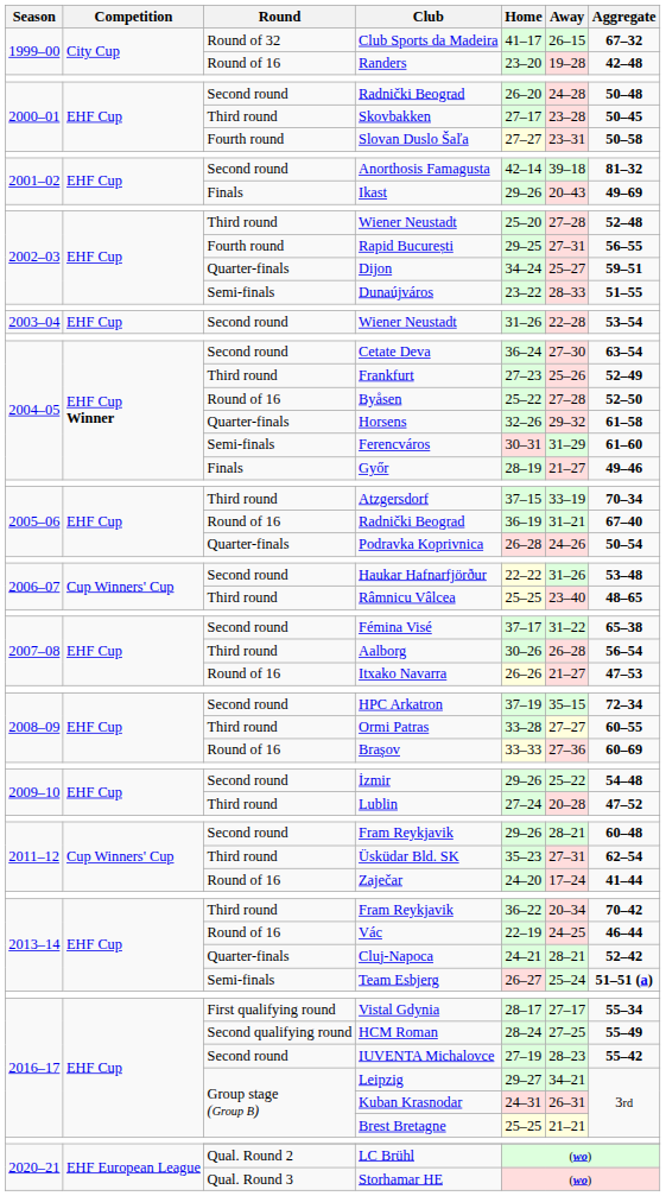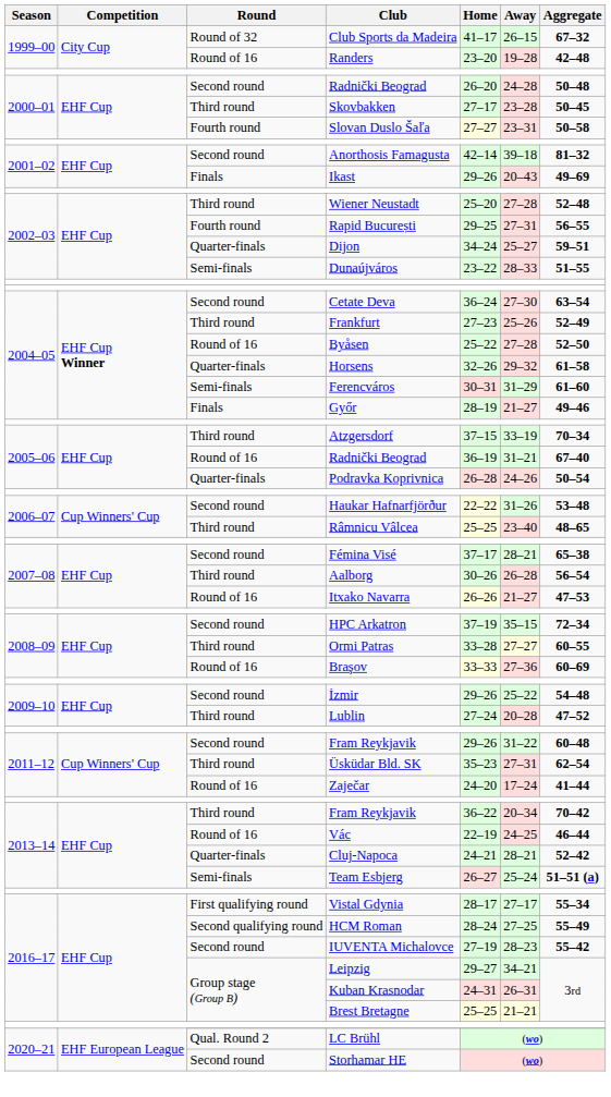 <table class="wikitable" style="text-align: left">
 <tr>
 <th>Season</th>
 <th>Competition</th>
 <th>Round</th>
 <th>Club</th>
 <th>Home</th>
 <th>Away</th>
 <th>Aggregate</th>
 </tr>
 <tr>
 <td rowspan=2><a href='#'>1999–00</a></td>
 <td rowspan=2><a href='#'>City Cup</a></td>
 <td>Round of 32</td>
 <td> <a href='#'>Club Sports da Madeira</a></td>
 <td style="text-align:center; background:#dfd;">41–17</td>
 <td style="text-align:center; background:#dfd;">26–15</td>
 <td style="text-align:center;"><strong>67–32</strong></td>
 </tr>
 <tr>
 <td>Round of 16</td>
 <td> <a href='#'>Randers</a></td>
 <td style="text-align:center; background:#dfd;">23–20</td>
 <td style="text-align:center; background:#fdd;">19–28</td>
 <td style="text-align:center;"><strong>42–48</strong></td>
 </tr>
 <tr>
 <td colspan=7 style="text-align: center;" bgcolor=white></td>
 </tr>
 <tr>
 <td rowspan=3><a href='#'>2000–01</a></td>
 <td rowspan=3><a href='#'>EHF Cup</a></td>
 <td>Second round</td>
 <td> <a href='#'>Radnički Beograd</a></td>
 <td style="text-align:center; background:#dfd;">26–20</td>
 <td style="text-align:center; background:#fdd;">24–28</td>
 <td style="text-align:center;"><strong>50–48</strong></td>
 </tr>
 <tr>
 <td>Third round</td>
 <td> <a href='#'>Skovbakken</a></td>
 <td style="text-align:center; background:#dfd;">27–17</td>
 <td style="text-align:center; background:#fdd;">23–28</td>
 <td style="text-align:center;"><strong>50–45</strong></td>
 </tr>
 <tr>
 <td>Fourth round</td>
 <td> <a href='#'>Slovan Duslo Šaľa</a></td>
 <td style="text-align:center; background:#ffd;">27–27</td>
 <td style="text-align:center; background:#fdd;">23–31</td>
 <td style="text-align:center;"><strong>50–58</strong></td>
 </tr>
 <tr>
 <td colspan=7 style="text-align: center;" bgcolor=white></td>
 </tr>
 <tr>
 <td rowspan=2><a href='#'>2001–02</a></td>
 <td rowspan=2><a href='#'>EHF Cup</a></td>
 <td>Second round</td>
 <td> <a href='#'>Anorthosis Famagusta</a></td>
 <td style="text-align:center; background:#dfd;">42–14</td>
 <td style="text-align:center; background:#dfd;">39–18</td>
 <td style="text-align:center;"><strong>81–32</strong></td>
 </tr>
 <tr>
 <td>Finals</td>
 <td> <a href='#'>Ikast</a></td>
 <td style="text-align:center; background:#dfd;">29–26</td>
 <td style="text-align:center; background:#fdd;">20–43</td>
 <td style="text-align:center;"><strong>49–69</strong></td>
 </tr>
 <tr>
 <td colspan=7 style="text-align: center;" bgcolor=white></td>
 </tr>
 <tr>
 <td rowspan=4><a href='#'>2002–03</a></td>
 <td rowspan=4><a href='#'>EHF Cup</a></td>
 <td>Third round</td>
 <td> <a href='#'>Wiener Neustadt</a></td>
 <td style="text-align:center; background:#dfd;">25–20</td>
 <td style="text-align:center; background:#fdd;">27–28</td>
 <td style="text-align:center;"><strong>52–48</strong></td>
 </tr>
 <tr>
 <td>Fourth round</td>
 <td> <a href='#'>Rapid București</a></td>
 <td style="text-align:center; background:#dfd;">29–25</td>
 <td style="text-align:center; background:#fdd;">27–31</td>
 <td style="text-align:center;"><strong>56–55</strong></td>
 </tr>
 <tr>
 <td>Quarter-finals</td>
 <td> <a href='#'>Dijon</a></td>
 <td style="text-align:center; background:#dfd;">34–24</td>
 <td style="text-align:center; background:#fdd;">25–27</td>
 <td style="text-align:center;"><strong>59–51</strong></td>
 </tr>
 <tr>
 <td>Semi-finals</td>
 <td> <a href='#'>Dunaújváros</a></td>
 <td style="text-align:center; background:#dfd;">23–22</td>
 <td style="text-align:center; background:#fdd;">28–33</td>
 <td style="text-align:center;"><strong>51–55</strong></td>
 </tr>
 <tr>
 <td colspan=7 style="text-align: center;" bgcolor=white></td>
 </tr>
 <tr>
-<td rowspan=1><a href='#'>2003–04</a></td>
-<td rowspan=1><a href='#'>EHF Cup</a></td>
-<td>Second round</td>
-<td> <a href='#'>Wiener Neustadt</a></td>
-<td style="text-align:center; background:#dfd;">31–26</td>
-<td style="text-align:center; background:#fdd;">22–28</td>
-<td style="text-align:center;"><strong>53–54</strong></td>
-</tr>
-<tr>
 <td colspan=7 style="text-align: center;" bgcolor=white></td>
 </tr>
 <tr>
 <td rowspan=6><a href='#'>2004–05</a></td>
 <td rowspan=6><a href='#'>EHF Cup</a><br> <strong>Winner</strong></td>
 <td>Second round</td>
 <td> <a href='#'>Cetate Deva</a></td>
 <td style="text-align:center; background:#dfd;">36–24</td>
 <td style="text-align:center; background:#fdd;">27–30</td>
 <td style="text-align:center;"><strong>63–54</strong></td>
 </tr>
 <tr>
 <td>Third round</td>
 <td> <a href='#'>Frankfurt</a></td>
 <td style="text-align:center; background:#dfd;">27–23</td>
 <td style="text-align:center; background:#fdd;">25–26</td>
 <td style="text-align:center;"><strong>52–49</strong></td>
 </tr>
 <tr>
 <td>Round of 16</td>
 <td> <a href='#'>Byåsen</a></td>
 <td style="text-align:center; background:#dfd;">25–22</td>
 <td style="text-align:center; background:#fdd;">27–28</td>
 <td style="text-align:center;"><strong>52–50</strong></td>
 </tr>
 <tr>
 <td>Quarter-finals</td>
 <td> <a href='#'>Horsens</a></td>
 <td style="text-align:center; background:#dfd;">32–26</td>
 <td style="text-align:center; background:#fdd;">29–32</td>
 <td style="text-align:center;"><strong>61–58</strong></td>
 </tr>
 <tr>
 <td>Semi-finals</td>
 <td> <a href='#'>Ferencváros</a></td>
 <td style="text-align:center; background:#fdd;">30–31</td>
 <td style="text-align:center; background:#dfd;">31–29</td>
 <td style="text-align:center;"><strong>61–60</strong></td>
 </tr>
 <tr>
 <td>Finals</td>
 <td> <a href='#'>Győr</a></td>
 <td style="text-align:center; background:#dfd;">28–19</td>
 <td style="text-align:center; background:#fdd;">21–27</td>
 <td style="text-align:center;"><strong>49–46</strong></td>
 </tr>
 <tr>
 <td colspan=7 style="text-align: center;" bgcolor=white></td>
 </tr>
 <tr>
 <td rowspan=3><a href='#'>2005–06</a></td>
 <td rowspan=3><a href='#'>EHF Cup</a></td>
 <td>Third round</td>
 <td> <a href='#'>Atzgersdorf</a></td>
 <td style="text-align:center; background:#dfd;">37–15</td>
 <td style="text-align:center; background:#dfd;">33–19</td>
 <td style="text-align:center;"><strong>70–34</strong></td>
 </tr>
 <tr>
 <td>Round of 16</td>
 <td> <a href='#'>Radnički Beograd</a></td>
 <td style="text-align:center; background:#dfd;">36–19</td>
 <td style="text-align:center; background:#dfd;">31–21</td>
 <td style="text-align:center;"><strong>67–40</strong></td>
 </tr>
 <tr>
 <td>Quarter-finals</td>
 <td> <a href='#'>Podravka Koprivnica</a></td>
 <td style="text-align:center; background:#fdd;">26–28</td>
 <td style="text-align:center; background:#fdd;">24–26</td>
 <td style="text-align:center;"><strong>50–54</strong></td>
 </tr>
 <tr>
 <td colspan=7 style="text-align: center;" bgcolor=white></td>
 </tr>
 <tr>
 <td rowspan=2><a href='#'>2006–07</a></td>
 <td rowspan=2><a href='#'>Cup Winners' Cup</a></td>
 <td>Second round</td>
 <td> <a href='#'>Haukar Hafnarfjörður</a></td>
 <td style="text-align:center; background:#ffd;">22–22</td>
 <td style="text-align:center; background:#dfd;">31–26</td>
 <td style="text-align:center;"><strong>53–48</strong></td>
 </tr>
 <tr>
 <td>Third round</td>
 <td> <a href='#'>Râmnicu Vâlcea</a></td>
 <td style="text-align:center; background:#ffd;">25–25</td>
 <td style="text-align:center; background:#fdd;">23–40</td>
 <td style="text-align:center;"><strong>48–65</strong></td>
 </tr>
 <tr>
 <td colspan=7 style="text-align: center;" bgcolor=white></td>
 </tr>
 <tr>
 <td rowspan=3><a href='#'>2007–08</a></td>
 <td rowspan=3><a href='#'>EHF Cup</a></td>
 <td>Second round</td>
 <td> <a href='#'>Fémina Visé</a></td>
 <td style="text-align:center; background:#dfd;">37–17</td>
-<td style="text-align:center; background:#dfd;">31–22</td>
+<td style="text-align:center; background:#dfd;">28–21</td>
 <td style="text-align:center;"><strong>65–38</strong></td>
 </tr>
 <tr>
 <td>Third round</td>
 <td> <a href='#'>Aalborg</a></td>
 <td style="text-align:center; background:#dfd;">30–26</td>
 <td style="text-align:center; background:#fdd;">26–28</td>
 <td style="text-align:center;"><strong>56–54</strong></td>
 </tr>
 <tr>
 <td>Round of 16</td>
 <td> <a href='#'>Itxako Navarra</a></td>
 <td style="text-align:center; background:#ffd;">26–26</td>
 <td style="text-align:center; background:#fdd;">21–27</td>
 <td style="text-align:center;"><strong>47–53</strong></td>
 </tr>
 <tr>
 <td colspan=7 style="text-align: center;" bgcolor=white></td>
 </tr>
 <tr>
 <td rowspan=3><a href='#'>2008–09</a></td>
 <td rowspan=3><a href='#'>EHF Cup</a></td>
 <td>Second round</td>
 <td> <a href='#'>HPC Arkatron</a></td>
 <td style="text-align:center; background:#dfd;">37–19</td>
 <td style="text-align:center; background:#dfd;">35–15</td>
 <td style="text-align:center;"><strong>72–34</strong></td>
 </tr>
 <tr>
 <td>Third round</td>
 <td> <a href='#'>Ormi Patras</a></td>
 <td style="text-align:center; background:#dfd;">33–28</td>
 <td style="text-align:center; background:#ffd;">27–27</td>
 <td style="text-align:center;"><strong>60–55</strong></td>
 </tr>
 <tr>
 <td>Round of 16</td>
 <td> <a href='#'>Braşov</a></td>
 <td style="text-align:center; background:#ffd;">33–33</td>
 <td style="text-align:center; background:#fdd;">27–36</td>
 <td style="text-align:center;"><strong>60–69</strong></td>
 </tr>
 <tr>
 <td colspan=7 style="text-align: center;" bgcolor=white></td>
 </tr>
 <tr>
 <td rowspan=2><a href='#'>2009–10</a></td>
 <td rowspan=2><a href='#'>EHF Cup</a></td>
 <td>Second round</td>
 <td> <a href='#'>İzmir</a></td>
 <td style="text-align:center; background:#dfd;">29–26</td>
 <td style="text-align:center; background:#dfd;">25–22</td>
 <td style="text-align:center;"><strong>54–48</strong></td>
 </tr>
 <tr>
 <td>Third round</td>
 <td> <a href='#'>Lublin</a></td>
 <td style="text-align:center; background:#dfd;">27–24</td>
 <td style="text-align:center; background:#fdd;">20–28</td>
 <td style="text-align:center;"><strong>47–52</strong></td>
 </tr>
 <tr>
 <td colspan=7 style="text-align: center;" bgcolor=white></td>
 </tr>
 <tr>
 <td rowspan=3><a href='#'>2011–12</a></td>
 <td rowspan=3><a href='#'>Cup Winners' Cup</a></td>
 <td>Second round</td>
 <td> <a href='#'>Fram Reykjavik</a></td>
 <td style="text-align:center; background:#dfd;">29–26</td>
-<td style="text-align:center; background:#dfd;">28–21</td>
+<td style="text-align:center; background:#dfd;">31–22</td>
 <td style="text-align:center;"><strong>60–48</strong></td>
 </tr>
 <tr>
 <td>Third round</td>
 <td><a href='#'>Üsküdar Bld. SK</a></td>
 <td style="text-align:center; background:#dfd;">35–23</td>
 <td style="text-align:center; background:#fdd;">27–31</td>
 <td style="text-align:center;"><strong>62–54</strong></td>
 </tr>
 <tr>
 <td>Round of 16</td>
 <td> <a href='#'>Zaječar</a></td>
 <td style="text-align:center; background:#dfd;">24–20</td>
 <td style="text-align:center; background:#fdd;">17–24</td>
 <td style="text-align:center;"><strong>41–44</strong></td>
 </tr>
 <tr>
 <td colspan=7 style="text-align: center;" bgcolor=white></td>
 </tr>
 <tr>
 <td rowspan=4><a href='#'>2013–14</a></td>
 <td rowspan=4><a href='#'>EHF Cup</a></td>
 <td>Third round</td>
 <td> <a href='#'>Fram Reykjavik</a></td>
 <td style="text-align:center; background:#dfd;">36–22</td>
 <td style="text-align:center; background:#fdd;">20–34</td>
 <td style="text-align:center;"><strong>70–42</strong></td>
 </tr>
 <tr>
 <td>Round of 16</td>
 <td> <a href='#'>Vác</a></td>
 <td style="text-align:center; background:#dfd;">22–19</td>
 <td style="text-align:center; background:#fdd;">24–25</td>
 <td style="text-align:center;"><strong>46–44</strong></td>
 </tr>
 <tr>
 <td>Quarter-finals</td>
 <td> <a href='#'>Cluj-Napoca</a></td>
 <td style="text-align:center; background:#dfd;">24–21</td>
 <td style="text-align:center; background:#dfd;">28–21</td>
 <td style="text-align:center;"><strong>52–42</strong></td>
 </tr>
 <tr>
 <td>Semi-finals</td>
 <td> <a href='#'>Team Esbjerg</a></td>
 <td style="text-align:center; background:#fdd;">26–27</td>
 <td style="text-align:center; background:#dfd;">25–24</td>
 <td style="text-align:center;"><strong>51–51 (<a href='#'>a</a>)</strong></td>
 </tr>
 <tr>
 <td colspan=7 style="text-align: center;" bgcolor=white></td>
 </tr>
 <tr>
 <td rowspan=6><a href='#'>2016–17</a></td>
 <td rowspan=6><a href='#'>EHF Cup</a></td>
 <td>First qualifying round</td>
 <td> <a href='#'>Vistal Gdynia</a></td>
 <td style="text-align:center; background:#dfd;">28–17</td>
 <td style="text-align:center; background:#dfd;">27–17</td>
 <td style="text-align:center;"><strong>55–34</strong></td>
 </tr>
 <tr>
 <td>Second qualifying round</td>
 <td> <a href='#'>HCM Roman</a></td>
 <td style="text-align:center; background:#dfd;">28–24</td>
 <td style="text-align:center; background:#dfd;">27–25</td>
 <td style="text-align:center;"><strong>55–49</strong></td>
 </tr>
 <tr>
 <td>Second round</td>
 <td> <a href='#'>IUVENTA Michalovce</a></td>
 <td style="text-align:center; background:#dfd;">27–19</td>
 <td style="text-align:center; background:#dfd;">28–23</td>
 <td style="text-align:center;"><strong>55–42</strong></td>
 </tr>
 <tr>
 <td rowspan=3>Group stage<br><em>(<small>Group B</small>)</em></td>
 <td> <a href='#'>Leipzig</a></td>
 <td style="text-align:center; background:#dfd;">29–27</td>
 <td style="text-align:center; background:#dfd;">34–21</td>
 <td align=center rowspan=3>3<small>rd</small></td>
 </tr>
 <tr>
 <td> <a href='#'>Kuban Krasnodar</a></td>
 <td style="text-align:center; background:#fdd;">24–31</td>
 <td style="text-align:center; background:#fdd;">26–31</td>
 </tr>
 <tr>
 <td> <a href='#'>Brest Bretagne</a></td>
 <td style="text-align:center; background:#ffd;">25–25</td>
 <td style="text-align:center; background:#ffd;">21–21</td>
 </tr>
 <tr>
 <td colspan=7 style="text-align: center;" bgcolor=white></td>
 </tr>
 <tr>
 <td rowspan=3><a href='#'>2020–21</a></td>
 <td rowspan=3><a href='#'>EHF European League</a></td>
 </tr>
 <tr>
 <td>Qual. Round 2</td>
 <td> <a href='#'>LC Brühl</a></td>
 <td colspan=3; style="text-align:center; background:#dfd;"><small>(<em><a href='#'><strong>wo</strong></a></em>)</small></td>
 </tr>
 <tr>
-<td>Qual. Round 3</td>
+<td>Second round</td>
 <td> <a href='#'>Storhamar HE</a></td>
 <td colspan=3; style="text-align:center; background:#fdd;"><small>(<em><a href='#'><strong>wo</strong></a></em>)</small></td>
 </tr>
 </table>
